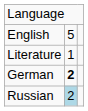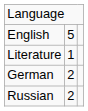 <table class="wikitable">
 <tr>
 <td colspan="3">Language</td>
 </tr>
 <tr>
 <td>English</td>
 <td>5</td>
 <td></td>
 </tr>
 <tr>
 <td>Literature</td>
 <td>1</td>
 <td></td>
 </tr>
 <tr>
 <td>German</td>
-<td><strong>2</strong></td>
+<td>2</td>
 <td></td>
 </tr>
 <tr>
 <td>Russian</td>
-<td style="background: lightblue;">2</td>
+<td>2</td>
 <td></td>
 </tr>
 </table>
